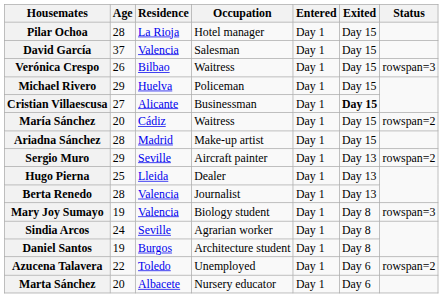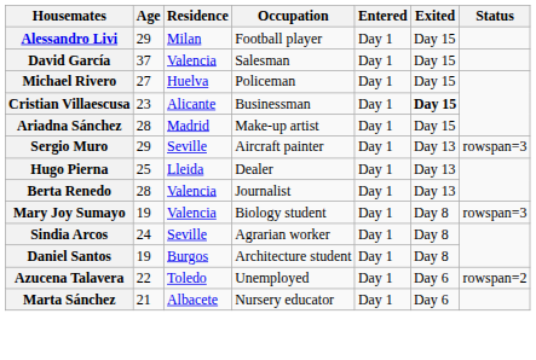 <table class="wikitable sortable" style="text-align:left; line-height:17px; width:auto;">
 <tr>
 <th>Housemates</th>
 <th>Age</th>
 <th>Residence</th>
 <th>Occupation</th>
 <th>Entered</th>
 <th>Exited</th>
 <th>Status</th>
 </tr>
 <tr>
-<th>Pilar Ochoa</th>
-<td>28</td>
-<td><a href='#'>La Rioja</a></td>
-<td>Hotel manager</td>
+<th><a href='#'>Alessandro Livi</a></th>
+<td>29</td>
+<td><a href='#'>Milan</a></td>
+<td>Football player</td>
 <td>Day 1</td>
 <td>Day 15</td>
 <td></td>
 </tr>
 <tr>
 <th>David García</th>
 <td>37</td>
 <td><a href='#'>Valencia</a></td>
 <td>Salesman</td>
 <td>Day 1</td>
 <td>Day 15</td>
 <td></td>
 </tr>
 <tr>
-<th>Verónica Crespo</th>
-<td>26</td>
-<td><a href='#'>Bilbao</a></td>
-<td>Waitress</td>
-<td>Day 1</td>
-<td>Day 15</td>
-<td>rowspan=3 </td>
-</tr>
-<tr>
 <th>Michael Rivero</th>
-<td>29</td>
+<td>27</td>
 <td><a href='#'>Huelva</a></td>
 <td>Policeman</td>
 <td>Day 1</td>
 <td>Day 15</td>
 </tr>
 <tr>
 <th>Cristian Villaescusa</th>
-<td>27</td>
+<td>23</td>
 <td><a href='#'>Alicante</a></td>
 <td>Businessman</td>
 <td>Day 1</td>
 <td><strong>Day 15</strong></td>
-</tr>
-<tr>
-<th>María Sánchez</th>
-<td>20</td>
-<td><a href='#'>Cádiz</a></td>
-<td>Waitress</td>
-<td>Day 1</td>
-<td>Day 15</td>
-<td>rowspan=2 </td>
 </tr>
 <tr>
 <th>Ariadna Sánchez</th>
 <td>28</td>
 <td><a href='#'>Madrid</a></td>
 <td>Make-up artist</td>
 <td>Day 1</td>
 <td>Day 15</td>
 </tr>
 <tr>
 <th>Sergio Muro</th>
 <td>29</td>
 <td><a href='#'>Seville</a></td>
 <td>Aircraft painter</td>
 <td>Day 1</td>
 <td>Day 13</td>
-<td>rowspan=2 </td>
+<td>rowspan=3 </td>
 </tr>
 <tr>
 <th>Hugo Pierna</th>
 <td>25</td>
 <td><a href='#'>Lleida</a></td>
 <td>Dealer</td>
 <td>Day 1</td>
 <td>Day 13</td>
 </tr>
 <tr>
 <th>Berta Renedo</th>
 <td>28</td>
 <td><a href='#'>Valencia</a></td>
 <td>Journalist</td>
 <td>Day 1</td>
 <td>Day 13</td>
 </tr>
 <tr>
 <th>Mary Joy Sumayo</th>
 <td>19</td>
 <td><a href='#'>Valencia</a></td>
 <td>Biology student</td>
 <td>Day 1</td>
 <td>Day 8</td>
 <td>rowspan=3 </td>
 </tr>
 <tr>
 <th>Sindia Arcos</th>
 <td>24</td>
 <td><a href='#'>Seville</a></td>
 <td>Agrarian worker</td>
 <td>Day 1</td>
 <td>Day 8</td>
 </tr>
 <tr>
 <th>Daniel Santos</th>
 <td>19</td>
 <td><a href='#'>Burgos</a></td>
 <td>Architecture student</td>
 <td>Day 1</td>
 <td>Day 8</td>
 </tr>
 <tr>
 <th>Azucena Talavera</th>
 <td>22</td>
 <td><a href='#'>Toledo</a></td>
 <td>Unemployed</td>
 <td>Day 1</td>
 <td>Day 6</td>
 <td>rowspan=2 </td>
 </tr>
 <tr>
 <th>Marta Sánchez</th>
-<td>20</td>
+<td>21</td>
 <td><a href='#'>Albacete</a></td>
 <td>Nursery educator</td>
 <td>Day 1</td>
 <td>Day 6</td>
 </tr>
 </table>
